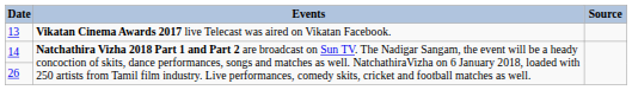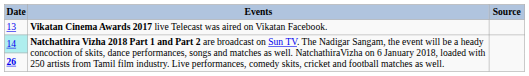 <table class="wikitable" style="text-align:">
 <tr>
 <th style="width:20pt; background:LightSteelBlue;">Date</th>
 <th style="width:700pt; background:LightSteelBlue;">Events</th>
 <th style="width:40pt; background:LightSteelBlue;">Source</th>
 </tr>
 <tr>
 <td rowspan="2"><a href='#'>13</a></td>
 <td><strong>Vikatan Cinema Awards 2017</strong> live Telecast was aired on Vikatan Facebook.</td>
 <td></td>
 </tr>
 <tr>
 <td rowspan="3"><strong>Natchathira Vizha 2018 Part 1 and Part 2</strong> are broadcast on <a href='#'>Sun TV</a>. The Nadigar Sangam, the event will be a heady concoction of skits, dance performances, songs and matches as well. NatchathiraVizha on 6 January 2018, loaded with 250 artists from Tamil film industry.  Live performances, comedy skits, cricket and football matches as well.</td>
 <td rowspan="3"></td>
 </tr>
 <tr>
-<td><a href='#'>14</a></td>
+<td style="background: paleturquoise;"><a href='#'>14</a></td>
 </tr>
 <tr>
-<td><a href='#'>26</a></td>
+<td><strong><a href='#'>26</a></strong></td>
 </tr>
 </table>
